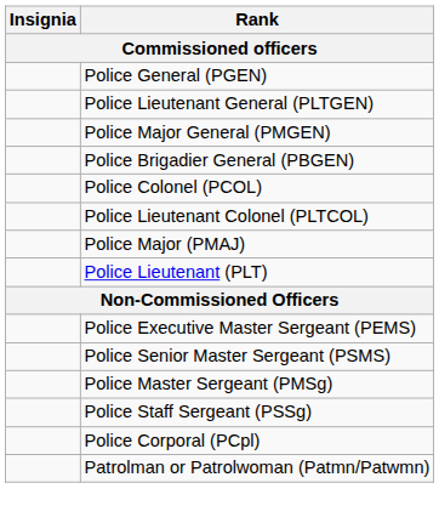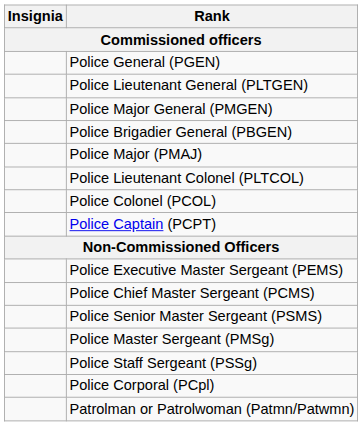 <table class="wikitable" style="display: inline-table;">
 <tr>
 <th>Insignia</th>
 <th>Rank</th>
 </tr>
 <tr>
 <th colspan=2>Commissioned officers</th>
 </tr>
 <tr>
 <td></td>
 <td>Police General (PGEN)</td>
 </tr>
 <tr>
 <td></td>
 <td>Police Lieutenant General (PLTGEN)</td>
 </tr>
 <tr>
 <td></td>
 <td>Police Major General (PMGEN)</td>
 </tr>
 <tr>
 <td></td>
 <td>Police Brigadier General (PBGEN)</td>
 </tr>
 <tr>
 <td></td>
-<td>Police Colonel (PCOL)</td>
+<td>Police Major (PMAJ)</td>
 </tr>
 <tr>
 <td></td>
 <td>Police Lieutenant Colonel (PLTCOL)</td>
 </tr>
 <tr>
 <td></td>
-<td>Police Major (PMAJ)</td>
+<td>Police Colonel (PCOL)</td>
 </tr>
 <tr>
 <td></td>
-<td><a href='#'>Police Lieutenant</a> (PLT)</td>
+<td><a href='#'>Police Captain</a> (PCPT)</td>
 </tr>
 <tr>
 <th colspan="2">Non-Commissioned Officers</th>
 </tr>
 <tr>
 <td></td>
 <td>Police Executive Master Sergeant (PEMS)</td>
+</tr>
+<tr>
+<td></td>
+<td>Police Chief Master Sergeant (PCMS)</td>
 </tr>
 <tr>
 <td></td>
 <td>Police Senior Master Sergeant (PSMS)</td>
 </tr>
 <tr>
 <td></td>
 <td>Police Master Sergeant (PMSg)</td>
 </tr>
 <tr>
 <td></td>
 <td>Police Staff Sergeant (PSSg)</td>
 </tr>
 <tr>
 <td></td>
 <td>Police Corporal (PCpl)</td>
 </tr>
 <tr>
 <td></td>
 <td>Patrolman or Patrolwoman (Patmn/Patwmn)</td>
 </tr>
 </table>
